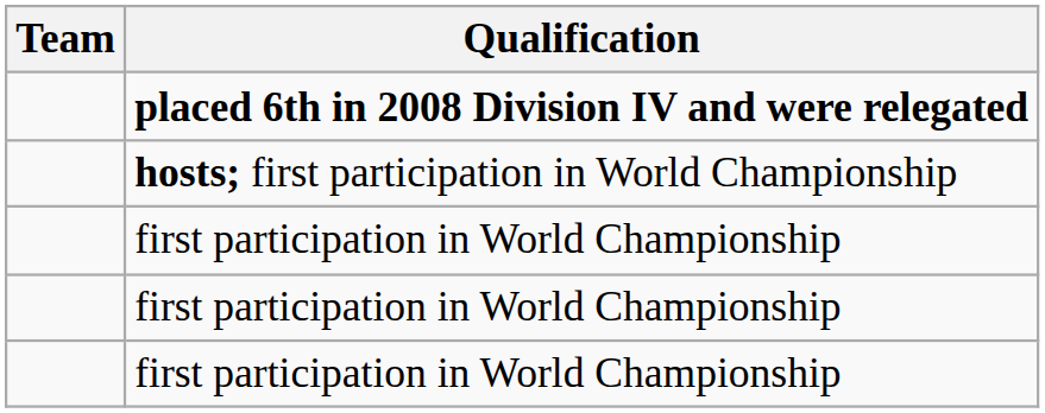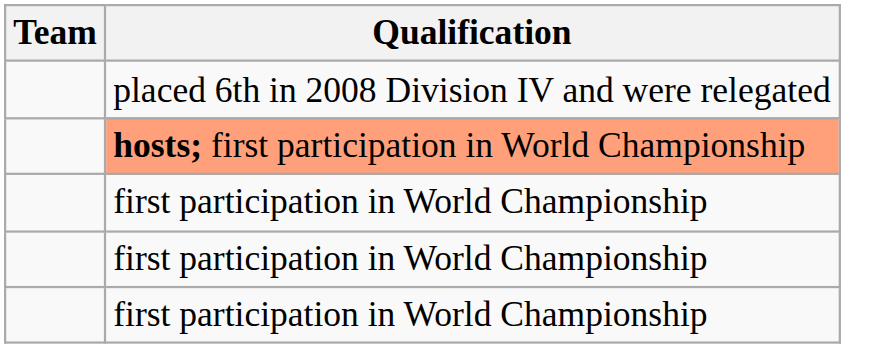 <table class="wikitable">
 <tr>
 <th>Team</th>
 <th>Qualification</th>
 </tr>
 <tr>
 <td></td>
-<td><strong>placed 6th in 2008 Division IV and were relegated</strong></td>
+<td>placed 6th in 2008 Division IV and were relegated</td>
 </tr>
 <tr>
 <td></td>
-<td><strong>hosts;</strong> first participation in World Championship</td>
+<td style="background: lightsalmon;"><strong>hosts;</strong> first participation in World Championship</td>
 </tr>
 <tr>
 <td></td>
 <td>first participation in World Championship</td>
 </tr>
 <tr>
 <td></td>
 <td>first participation in World Championship</td>
 </tr>
 <tr>
 <td></td>
 <td>first participation in World Championship</td>
 </tr>
 </table>
